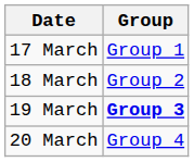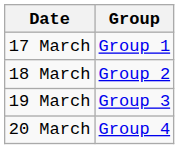 <table class="wikitable">
 <tr>
 <th>Date</th>
 <th>Group</th>
 </tr>
 <tr>
 <td style="text-align:right;">17 March</td>
 <td style="text-align:left;"><a href='#'>Group 1</a></td>
 </tr>
 <tr>
 <td style="text-align:right;">18 March</td>
 <td style="text-align:left;"><a href='#'>Group 2</a></td>
 </tr>
 <tr>
 <td style="text-align:right;">19 March</td>
-<td style="text-align:left;"><strong><a href='#'>Group 3</a></strong></td>
+<td style="text-align:left;"><a href='#'>Group 3</a></td>
 </tr>
 <tr>
 <td style="text-align:right;">20 March</td>
 <td style="text-align:left;"><a href='#'>Group 4</a></td>
 </tr>
 </table>
